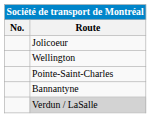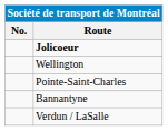 <table align=center class="wikitable">
 <tr>
 <th style="background: #0085CA; font-size:100%; color:#FFFFFF;"colspan="4">Société de transport de Montréal</th>
 </tr>
 <tr>
 <th>No.</th>
 <th>Route</th>
 </tr>
 <tr>
 <td></td>
-<td>Jolicoeur</td>
+<td><strong>Jolicoeur</strong></td>
 </tr>
 <tr>
 <td></td>
 <td>Wellington</td>
 </tr>
 <tr>
 <td></td>
 <td>Pointe-Saint-Charles</td>
 </tr>
 <tr>
 <td></td>
 <td>Bannantyne</td>
 </tr>
 <tr>
 <td {{Avoid wrap> </td>
-<td style="background: lightgrey;">Verdun / LaSalle</td>
+<td>Verdun / LaSalle</td>
 </tr>
 </table>
